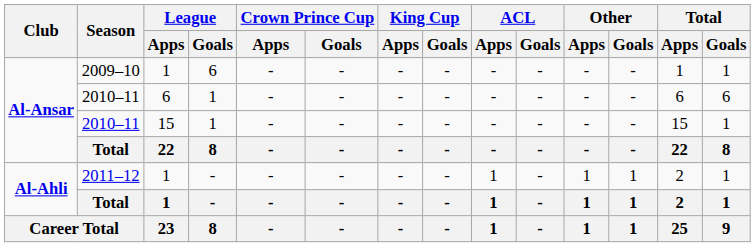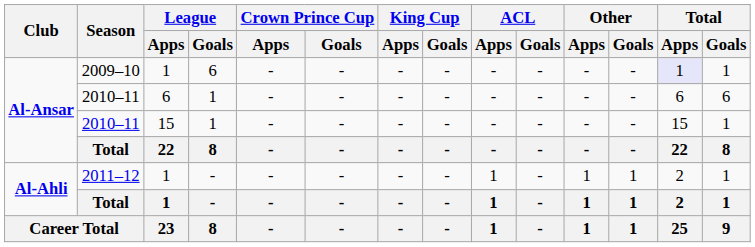 <table class="wikitable" style="text-align: center;">
 <tr>
 <th rowspan="2">Club</th>
 <th rowspan="2">Season</th>
 <th colspan="2"><a href='#'>League</a></th>
 <th colspan="2"><a href='#'>Crown Prince Cup</a></th>
 <th colspan="2"><a href='#'>King Cup</a></th>
 <th colspan="2"><a href='#'>ACL</a></th>
 <th colspan="2">Other</th>
 <th colspan="2">Total</th>
 </tr>
 <tr>
 <th>Apps</th>
 <th>Goals</th>
 <th>Apps</th>
 <th>Goals</th>
 <th>Apps</th>
 <th>Goals</th>
 <th>Apps</th>
 <th>Goals</th>
 <th>Apps</th>
 <th>Goals</th>
 <th>Apps</th>
 <th>Goals</th>
 </tr>
 <tr>
 <td rowspan="4" valign="center"><strong><a href='#'>Al-Ansar</a>  </strong></td>
 <td>2009–10</td>
 <td>1</td>
 <td>6</td>
 <td>-</td>
 <td>-</td>
 <td>-</td>
 <td>-</td>
 <td>-</td>
 <td>-</td>
 <td>-</td>
 <td>-</td>
-<td>1</td>
+<td style="background: lavender;">1</td>
 <td>1</td>
 </tr>
 <tr>
 <td>2010–11</td>
 <td>6</td>
 <td>1</td>
 <td>-</td>
 <td>-</td>
 <td>-</td>
 <td>-</td>
 <td>-</td>
 <td>-</td>
 <td>-</td>
 <td>-</td>
 <td>6</td>
 <td>6</td>
 </tr>
 <tr>
 <td><a href='#'>2010–11</a></td>
 <td>15</td>
 <td>1</td>
 <td>-</td>
 <td>-</td>
 <td>-</td>
 <td>-</td>
 <td>-</td>
 <td>-</td>
 <td>-</td>
 <td>-</td>
 <td>15</td>
 <td>1</td>
 </tr>
 <tr>
 <th>Total</th>
 <th>22</th>
 <th>8</th>
 <th>-</th>
 <th>-</th>
 <th>-</th>
 <th>-</th>
 <th>-</th>
 <th>-</th>
 <th>-</th>
 <th>-</th>
 <th>22</th>
 <th>8</th>
 </tr>
 <tr>
 <td rowspan="2" valign="center"><strong><a href='#'>Al-Ahli</a></strong></td>
 <td><a href='#'>2011–12</a></td>
 <td>1</td>
 <td>-</td>
 <td>-</td>
 <td>-</td>
 <td>-</td>
 <td>-</td>
 <td>1</td>
 <td>-</td>
 <td>1</td>
 <td>1</td>
 <td>2</td>
 <td>1</td>
 </tr>
 <tr>
 <th>Total</th>
 <th>1</th>
 <th>-</th>
 <th>-</th>
 <th>-</th>
 <th>-</th>
 <th>-</th>
 <th>1</th>
 <th>-</th>
 <th>1</th>
 <th>1</th>
 <th>2</th>
 <th>1</th>
 </tr>
 <tr>
 <th colspan="2">Career Total</th>
 <th>23</th>
 <th>8</th>
 <th>-</th>
 <th>-</th>
 <th>-</th>
 <th>-</th>
 <th>1</th>
 <th>-</th>
 <th>1</th>
 <th>1</th>
 <th>25</th>
 <th>9</th>
 </tr>
 </table>
